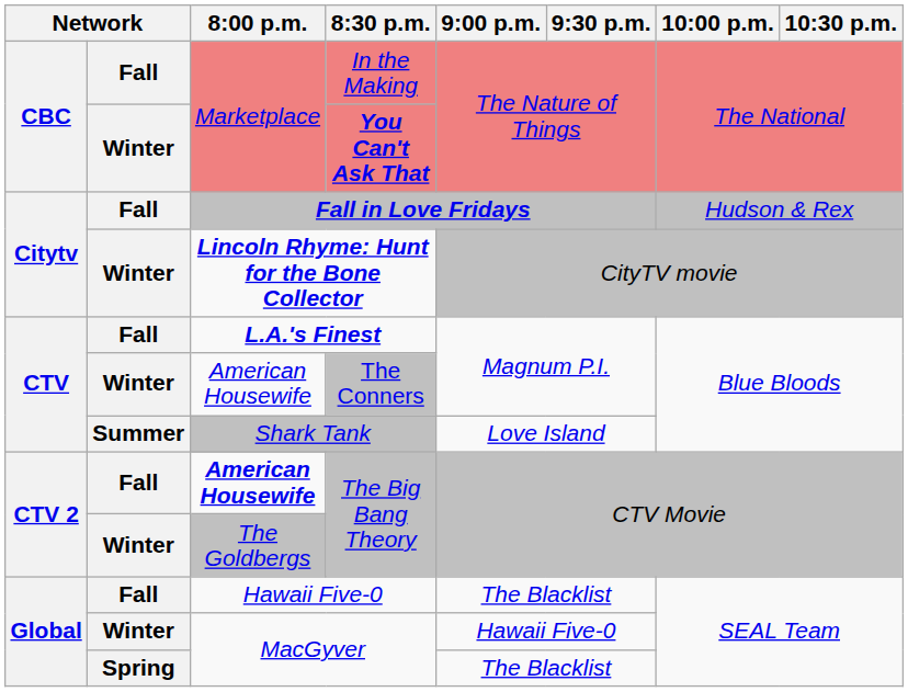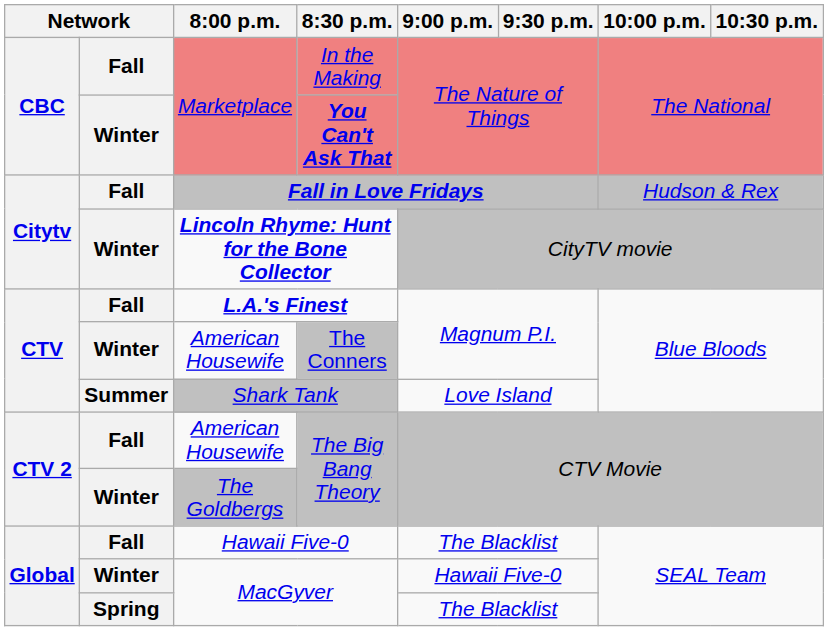 <table class="wikitable" style="width:100%;margin-right:0;text-align:center">
 <tr>
 <th colspan="2" style="width:13%;">Network</th>
 <th style="width:15%;">8:00 p.m.</th>
 <th style="width:15%;">8:30 p.m.</th>
 <th style="width:15%;">9:00 p.m.</th>
 <th style="width:15%;">9:30 p.m.</th>
 <th style="width:12.5%;">10:00 p.m.</th>
 <th style="width:12.5%;">10:30 p.m.</th>
 </tr>
 <tr>
 <th rowspan=2><a href='#'>CBC</a></th>
 <th>Fall</th>
 <td rowspan=2 style=background:#f08080><em><a href='#'>Marketplace</a></em></td>
 <td style=background:#f08080><em><a href='#'>In the Making</a></em></td>
 <td colspan=2 rowspan=2 style="background:#f08080;"><em><a href='#'>The Nature of Things</a></em></td>
 <td colspan=2 rowspan=2 style="background:#f08080"><em><a href='#'>The National</a></em></td>
 </tr>
 <tr>
 <th>Winter</th>
 <td style=background:#f08080><strong><em><a href='#'>You Can't Ask That</a></em></strong></td>
 </tr>
 <tr>
 <th rowspan=2><a href='#'>Citytv</a></th>
 <th>Fall</th>
 <td colspan=4 style=background:silver><strong><em><a href='#'>Fall in Love Fridays</a></em></strong></td>
 <td colspan=2 style=background:silver><em><a href='#'>Hudson & Rex</a></em> </td>
 </tr>
 <tr>
 <th>Winter</th>
 <td colspan=2><strong><em><a href='#'>Lincoln Rhyme: Hunt for the Bone Collector</a></em></strong></td>
 <td colspan=4 style=background:silver><em>CityTV movie</em></td>
 </tr>
 <tr>
 <th rowspan=3><a href='#'>CTV</a></th>
 <th>Fall</th>
 <td colspan=2><strong><em><a href='#'>L.A.'s Finest</a></em></strong></td>
 <td colspan=2 rowspan=2><em><a href='#'>Magnum P.I.</a></em></td>
 <td colspan=2 rowspan=3><em><a href='#'>Blue Bloods</a></em></td>
 </tr>
 <tr>
 <th>Winter</th>
 <td><em><a href='#'>American Housewife</a></em></td>
 <td style=background:silver><a href='#'>The Conners</a> </td>
 </tr>
 <tr>
 <th>Summer</th>
 <td style=background:silver colspan=2><em><a href='#'>Shark Tank</a></em> </td>
 <td colspan=2><em><a href='#'>Love Island</a></em></td>
 </tr>
 <tr>
 <th rowspan=2><a href='#'>CTV 2</a></th>
 <th>Fall</th>
-<td><strong><em><a href='#'>American Housewife</a></em></strong></td>
+<td><em><a href='#'>American Housewife</a></em></td>
 <td style=background:silver rowspan=2><em><a href='#'>The Big Bang Theory</a></em> </td>
 <td colspan=4 style=background:silver rowspan=2><em>CTV Movie</em></td>
 </tr>
 <tr>
 <th>Winter</th>
 <td style=background:silver><em><a href='#'>The Goldbergs</a></em> </td>
 </tr>
 <tr>
 <th rowspan=3><a href='#'>Global</a></th>
 <th>Fall</th>
 <td colspan=2><em><a href='#'>Hawaii Five-0</a></em></td>
 <td colspan=2><em><a href='#'>The Blacklist</a></em></td>
 <td colspan=2 rowspan=3><em><a href='#'>SEAL Team</a></em></td>
 </tr>
 <tr>
 <th>Winter</th>
 <td colspan=2 rowspan=2><em><a href='#'>MacGyver</a></em></td>
 <td colspan=2><em><a href='#'>Hawaii Five-0</a></em></td>
 </tr>
 <tr>
 <th>Spring</th>
 <td colspan=2><em><a href='#'>The Blacklist</a></em></td>
 </tr>
 </table>
